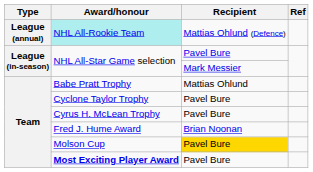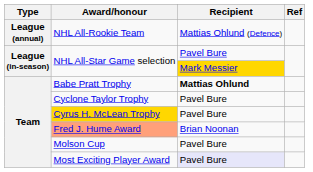 <table class="wikitable">
 <tr>
 <th scope="col">Type</th>
 <th scope="col">Award/honour</th>
 <th scope="col">Recipient</th>
 <th scope="col">Ref</th>
 </tr>
 <tr>
 <th scope="row">League<br><small>(annual)</small></th>
-<td style="background: paleturquoise;"><a href='#'>NHL All-Rookie Team</a></td>
+<td><a href='#'>NHL All-Rookie Team</a></td>
 <td><a href='#'>Mattias Ohlund</a> <small>(<a href='#'>Defence</a>)</small></td>
 <td></td>
 </tr>
 <tr>
 <th scope="row" rowspan=2>League<br><small>(in-season)</small></th>
 <td rowspan=2><a href='#'>NHL All-Star Game</a> selection</td>
 <td><a href='#'>Pavel Bure</a></td>
 <td rowspan=2></td>
 </tr>
 <tr>
-<td><a href='#'>Mark Messier</a></td>
+<td style="background: gold;"><a href='#'>Mark Messier</a></td>
 </tr>
 <tr>
 <th scope="row" rowspan="6">Team</th>
 <td><a href='#'>Babe Pratt Trophy</a></td>
-<td>Mattias Ohlund</td>
+<td><strong>Mattias Ohlund</strong></td>
 <td></td>
 </tr>
 <tr>
 <td><a href='#'>Cyclone Taylor Trophy</a></td>
 <td>Pavel Bure</td>
 <td></td>
 </tr>
 <tr>
-<td><a href='#'>Cyrus H. McLean Trophy</a></td>
+<td style="background: gold;"><a href='#'>Cyrus H. McLean Trophy</a></td>
 <td>Pavel Bure</td>
 <td></td>
 </tr>
 <tr>
-<td><a href='#'>Fred J. Hume Award</a></td>
+<td style="background: lightsalmon;"><a href='#'>Fred J. Hume Award</a></td>
 <td><a href='#'>Brian Noonan</a></td>
 <td></td>
 </tr>
 <tr>
 <td><a href='#'>Molson Cup</a></td>
-<td style="background: gold;">Pavel Bure</td>
+<td>Pavel Bure</td>
 <td></td>
 </tr>
 <tr>
-<td><strong><a href='#'>Most Exciting Player Award</a></strong></td>
-<td>Pavel Bure</td>
+<td><a href='#'>Most Exciting Player Award</a></td>
+<td style="background: lavender;">Pavel Bure</td>
 <td></td>
 </tr>
 </table>
